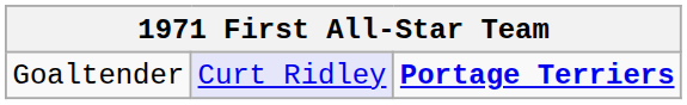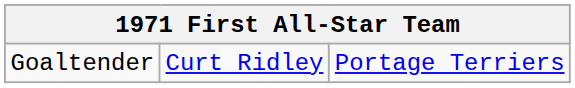 <table class="wikitable" style="text-align:center">
 <tr>
 <th colspan="6">1971 First All-Star Team</th>
 </tr>
 <tr>
 <td>Goaltender</td>
-<td style="background: lavender;"><a href='#'>Curt Ridley</a></td>
-<td><strong><a href='#'>Portage Terriers</a></strong></td>
+<td><a href='#'>Curt Ridley</a></td>
+<td><a href='#'>Portage Terriers</a></td>
 </tr>
 </table>
